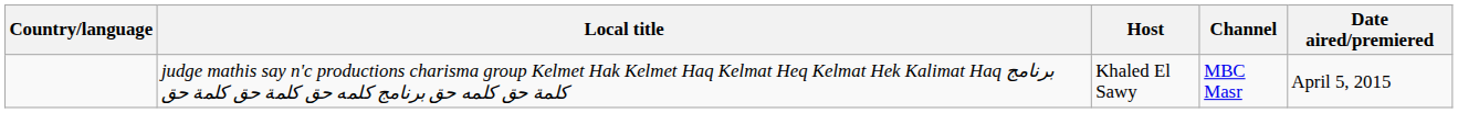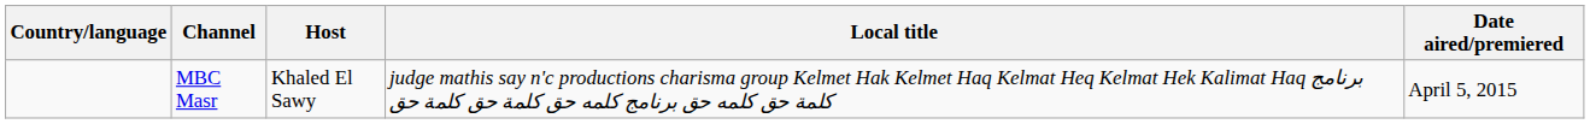 <table class="wikitable">
 <tr>
 <th>Country/language</th>
+<th>Channel</th>
+<th>Host</th>
 <th>Local title</th>
-<th>Host</th>
-<th>Channel</th>
 <th>Date aired/premiered</th>
 </tr>
 <tr>
 <td></td>
+<td><a href='#'>MBC Masr</a></td>
+<td>Khaled El Sawy</td>
 <td><em>judge mathis say n'c productions charisma group Kelmet Hak Kelmet Haq Kelmat Heq Kelmat Hek Kalimat Haq برنامج كلمة حق كلمه حق برنامج كلمه حق كلمة حق كلمة حق</em></td>
-<td>Khaled El Sawy</td>
-<td><a href='#'>MBC Masr</a></td>
 <td>April 5, 2015</td>
 </tr>
 </table>
